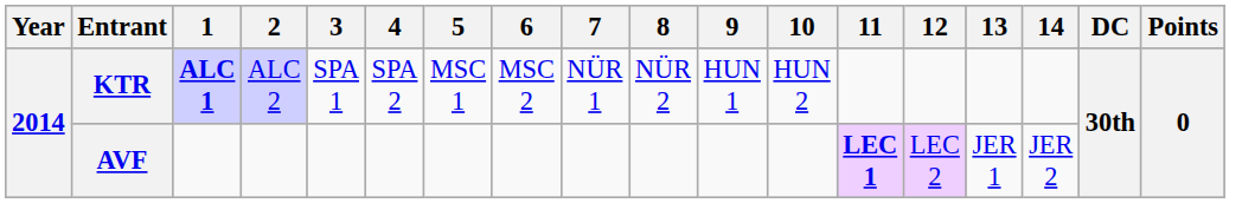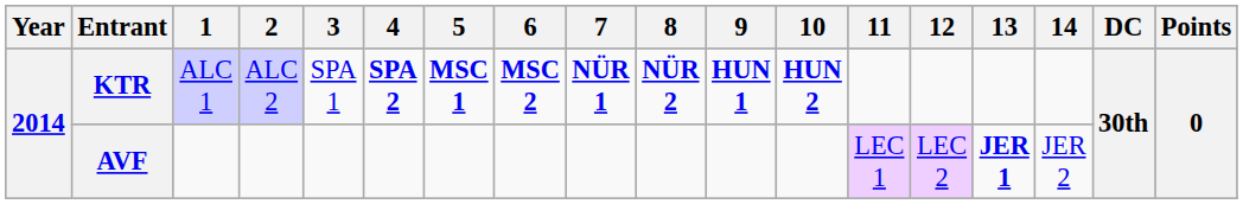 <table class="wikitable" style="text-align:center; font-size:85%">
 <tr>
 <th>Year</th>
 <th>Entrant</th>
 <th>1</th>
 <th>2</th>
 <th>3</th>
 <th>4</th>
 <th>5</th>
 <th>6</th>
 <th>7</th>
 <th>8</th>
 <th>9</th>
 <th>10</th>
 <th>11</th>
 <th>12</th>
 <th>13</th>
 <th>14</th>
 <th>DC</th>
 <th>Points</th>
 </tr>
 <tr>
 <th rowspan="2"><a href='#'>2014</a></th>
 <th nowrap><a href='#'>KTR</a></th>
-<td style="background:#cfcfff;"><strong><a href='#'>ALC<br>1</a><br></strong></td>
+<td style="background:#cfcfff;"><a href='#'>ALC<br>1</a><br></td>
 <td style="background:#cfcfff;"><a href='#'>ALC<br>2</a><br></td>
 <td style="background:#;"><a href='#'>SPA<br>1</a><br></td>
-<td style="background:#;"><a href='#'>SPA<br>2</a><br></td>
-<td style="background:#;"><a href='#'>MSC<br>1</a><br></td>
-<td style="background:#;"><a href='#'>MSC<br>2</a><br></td>
-<td style="background:#;"><a href='#'>NÜR<br>1</a><br></td>
-<td style="background:#;"><a href='#'>NÜR<br>2</a><br></td>
-<td style="background:#;"><a href='#'>HUN<br>1</a><br></td>
-<td style="background:#;"><a href='#'>HUN<br>2</a><br></td>
+<td style="background:#;"><strong><a href='#'>SPA<br>2</a><br></strong></td>
+<td style="background:#;"><strong><a href='#'>MSC<br>1</a><br></strong></td>
+<td style="background:#;"><strong><a href='#'>MSC<br>2</a><br></strong></td>
+<td style="background:#;"><strong><a href='#'>NÜR<br>1</a><br></strong></td>
+<td style="background:#;"><strong><a href='#'>NÜR<br>2</a><br></strong></td>
+<td style="background:#;"><strong><a href='#'>HUN<br>1</a><br></strong></td>
+<td style="background:#;"><strong><a href='#'>HUN<br>2</a><br></strong></td>
 <td></td>
 <td></td>
 <td></td>
 <td></td>
 <th rowspan="2">30th</th>
 <th rowspan="2">0</th>
 </tr>
 <tr>
 <th nowrap><a href='#'>AVF</a></th>
 <td></td>
 <td></td>
 <td></td>
 <td></td>
 <td></td>
 <td></td>
 <td></td>
 <td></td>
 <td></td>
 <td></td>
-<td style="background:#efcfff;"><strong><a href='#'>LEC<br>1</a><br></strong></td>
+<td style="background:#efcfff;"><a href='#'>LEC<br>1</a><br></td>
 <td style="background:#efcfff;"><a href='#'>LEC<br>2</a><br></td>
-<td style="background:#;"><a href='#'>JER<br>1</a><br></td>
+<td style="background:#;"><strong><a href='#'>JER<br>1</a><br></strong></td>
 <td style="background:#;"><a href='#'>JER<br>2</a><br></td>
 </tr>
 </table>
